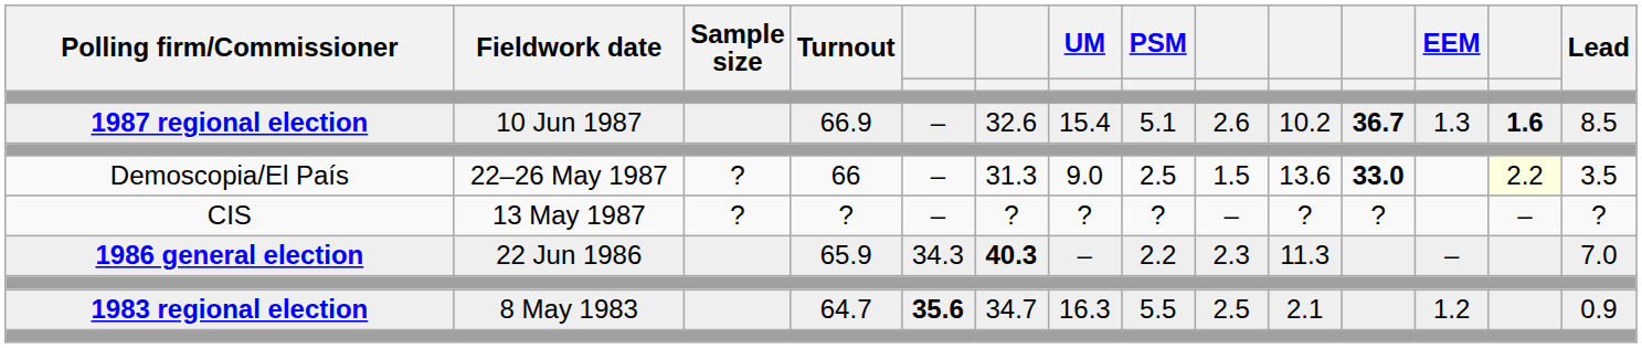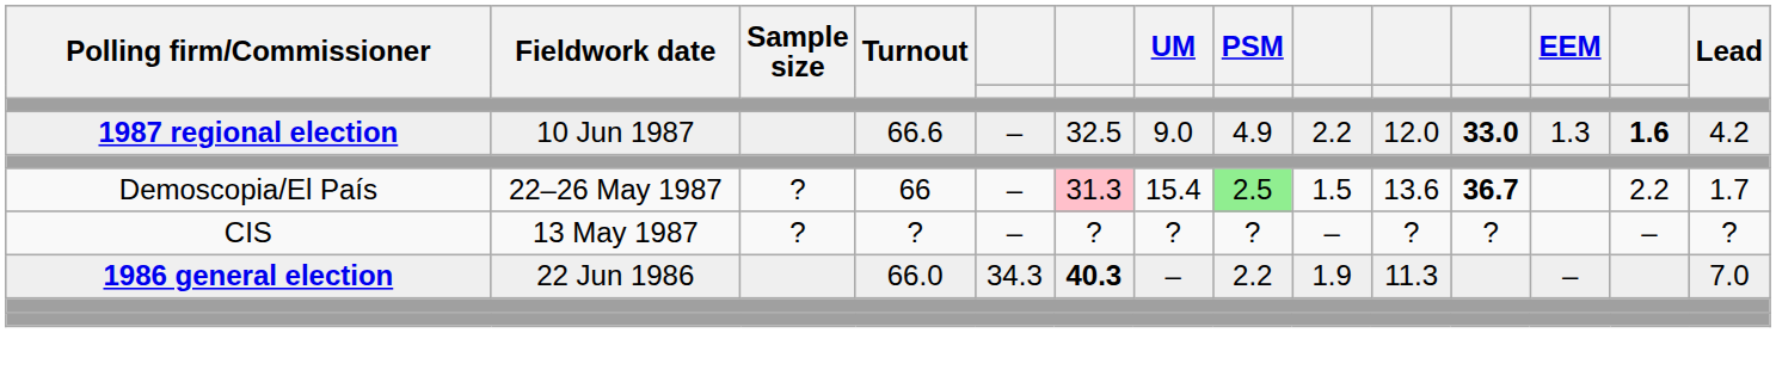 <table class="wikitable collapsible collapsed" style="text-align:center; font-size:95%; line-height:16px;">
 <tr style="height:42px;">
 <th style="width:250px;" rowspan="2">Polling firm/Commissioner</th>
 <th style="width:125px;" rowspan="2">Fieldwork date</th>
 <th style="width:50px;" rowspan="2">Sample size</th>
 <th style="width:45px;" rowspan="2">Turnout</th>
 <th style="width:35px;"></th>
 <th style="width:35px;"></th>
 <th style="width:35px;"><a href='#'>UM</a></th>
 <th style="width:35px;"><a href='#'>PSM</a></th>
 <th style="width:35px;"></th>
 <th style="width:35px;"></th>
 <th style="width:35px;"></th>
 <th style="width:35px;"><a href='#'>EEM</a></th>
 <th style="width:35px;"></th>
 <th style="width:30px;" rowspan="2">Lead</th>
 </tr>
 <tr>
 <th style="color:inherit;background:"></th>
 <th style="color:inherit;background:"></th>
 <th style="color:inherit;background:"></th>
 <th style="color:inherit;background:"></th>
 <th style="color:inherit;background:"></th>
 <th style="color:inherit;background:"></th>
 <th style="color:inherit;background:"></th>
 <th style="color:inherit;background:"></th>
 <th style="color:inherit;background:"></th>
 </tr>
 <tr>
 <td colspan="14" style="background:#A0A0A0"></td>
 </tr>
 <tr style="background:#EFEFEF;">
 <td><strong><a href='#'>1987 regional election</a></strong></td>
 <td>10 Jun 1987</td>
 <td></td>
-<td>66.9</td>
+<td>66.6</td>
 <td>–</td>
-<td>32.6<br></td>
-<td>15.4<br></td>
-<td>5.1<br></td>
-<td>2.6<br></td>
-<td>10.2<br></td>
-<td><strong>36.7</strong><br></td>
+<td>32.5<br></td>
+<td>9.0<br></td>
+<td>4.9<br></td>
+<td>2.2<br></td>
+<td>12.0<br></td>
+<td><strong>33.0</strong><br></td>
 <td>1.3<br></td>
 <td><strong>1.6<br></strong></td>
-<td style="background:">8.5</td>
+<td style="background:">4.2</td>
 </tr>
 <tr>
 <td colspan="14" style="background:#A0A0A0"></td>
 </tr>
 <tr>
 <td>Demoscopia/El País</td>
 <td>22–26 May 1987</td>
 <td>?</td>
 <td>66</td>
 <td>–</td>
-<td>31.3<br></td>
-<td>9.0<br></td>
-<td>2.5<br></td>
+<td style="background: pink;">31.3<br></td>
+<td>15.4<br></td>
+<td style="background: lightgreen;">2.5<br></td>
 <td>1.5<br></td>
 <td>13.6<br></td>
-<td><strong>33.0</strong><br></td>
+<td><strong>36.7</strong><br></td>
 <td></td>
-<td style="background: lightyellow;">2.2<br></td>
-<td style="background:">3.5</td>
+<td>2.2<br></td>
+<td style="background:">1.7</td>
 </tr>
 <tr>
 <td>CIS</td>
 <td>13 May 1987</td>
 <td>?</td>
 <td>?</td>
 <td>–</td>
 <td>?<br></td>
 <td>?<br></td>
 <td>?<br></td>
 <td>–</td>
 <td>?<br></td>
 <td>?<br></td>
 <td></td>
 <td>–</td>
 <td style="background:">?</td>
 </tr>
 <tr style="background:#EFEFEF;">
 <td><strong><a href='#'>1986 general election</a></strong></td>
 <td>22 Jun 1986</td>
 <td></td>
-<td>65.9</td>
+<td>66.0</td>
 <td>34.3</td>
 <td><strong>40.3</strong></td>
 <td>–</td>
 <td>2.2</td>
-<td>2.3</td>
+<td>1.9</td>
 <td>11.3</td>
 <td></td>
 <td>–</td>
 <td></td>
 <td style="background:">7.0</td>
 </tr>
 <tr>
 <td colspan="14" style="background:#A0A0A0"></td>
 </tr>
-<tr style="background:#EFEFEF;">
-<td><strong><a href='#'>1983 regional election</a></strong></td>
-<td>8 May 1983</td>
-<td></td>
-<td>64.7</td>
-<td><strong>35.6</strong><br></td>
-<td>34.7<br></td>
-<td>16.3<br></td>
-<td>5.5<br></td>
-<td>2.5<br></td>
-<td>2.1<br></td>
-<td></td>
-<td>1.2<br></td>
-<td></td>
-<td style="background:">0.9</td>
-</tr>
 <tr>
 <td colspan="14" style="background:#A0A0A0"></td>
 </tr>
 </table>
